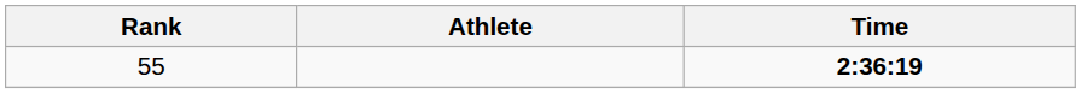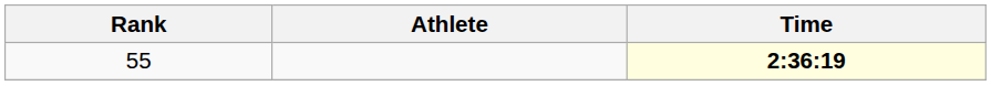 <table class="wikitable" style=" text-align:center; font-size:110%;" width="60%">
 <tr>
 <th>Rank</th>
 <th>Athlete</th>
 <th>Time</th>
 </tr>
 <tr>
 <td>55</td>
 <td align=left></td>
-<td><strong>2:36:19</strong></td>
+<td style="background: lightyellow;"><strong>2:36:19</strong></td>
 </tr>
 <tr>
 </tr>
 </table>
